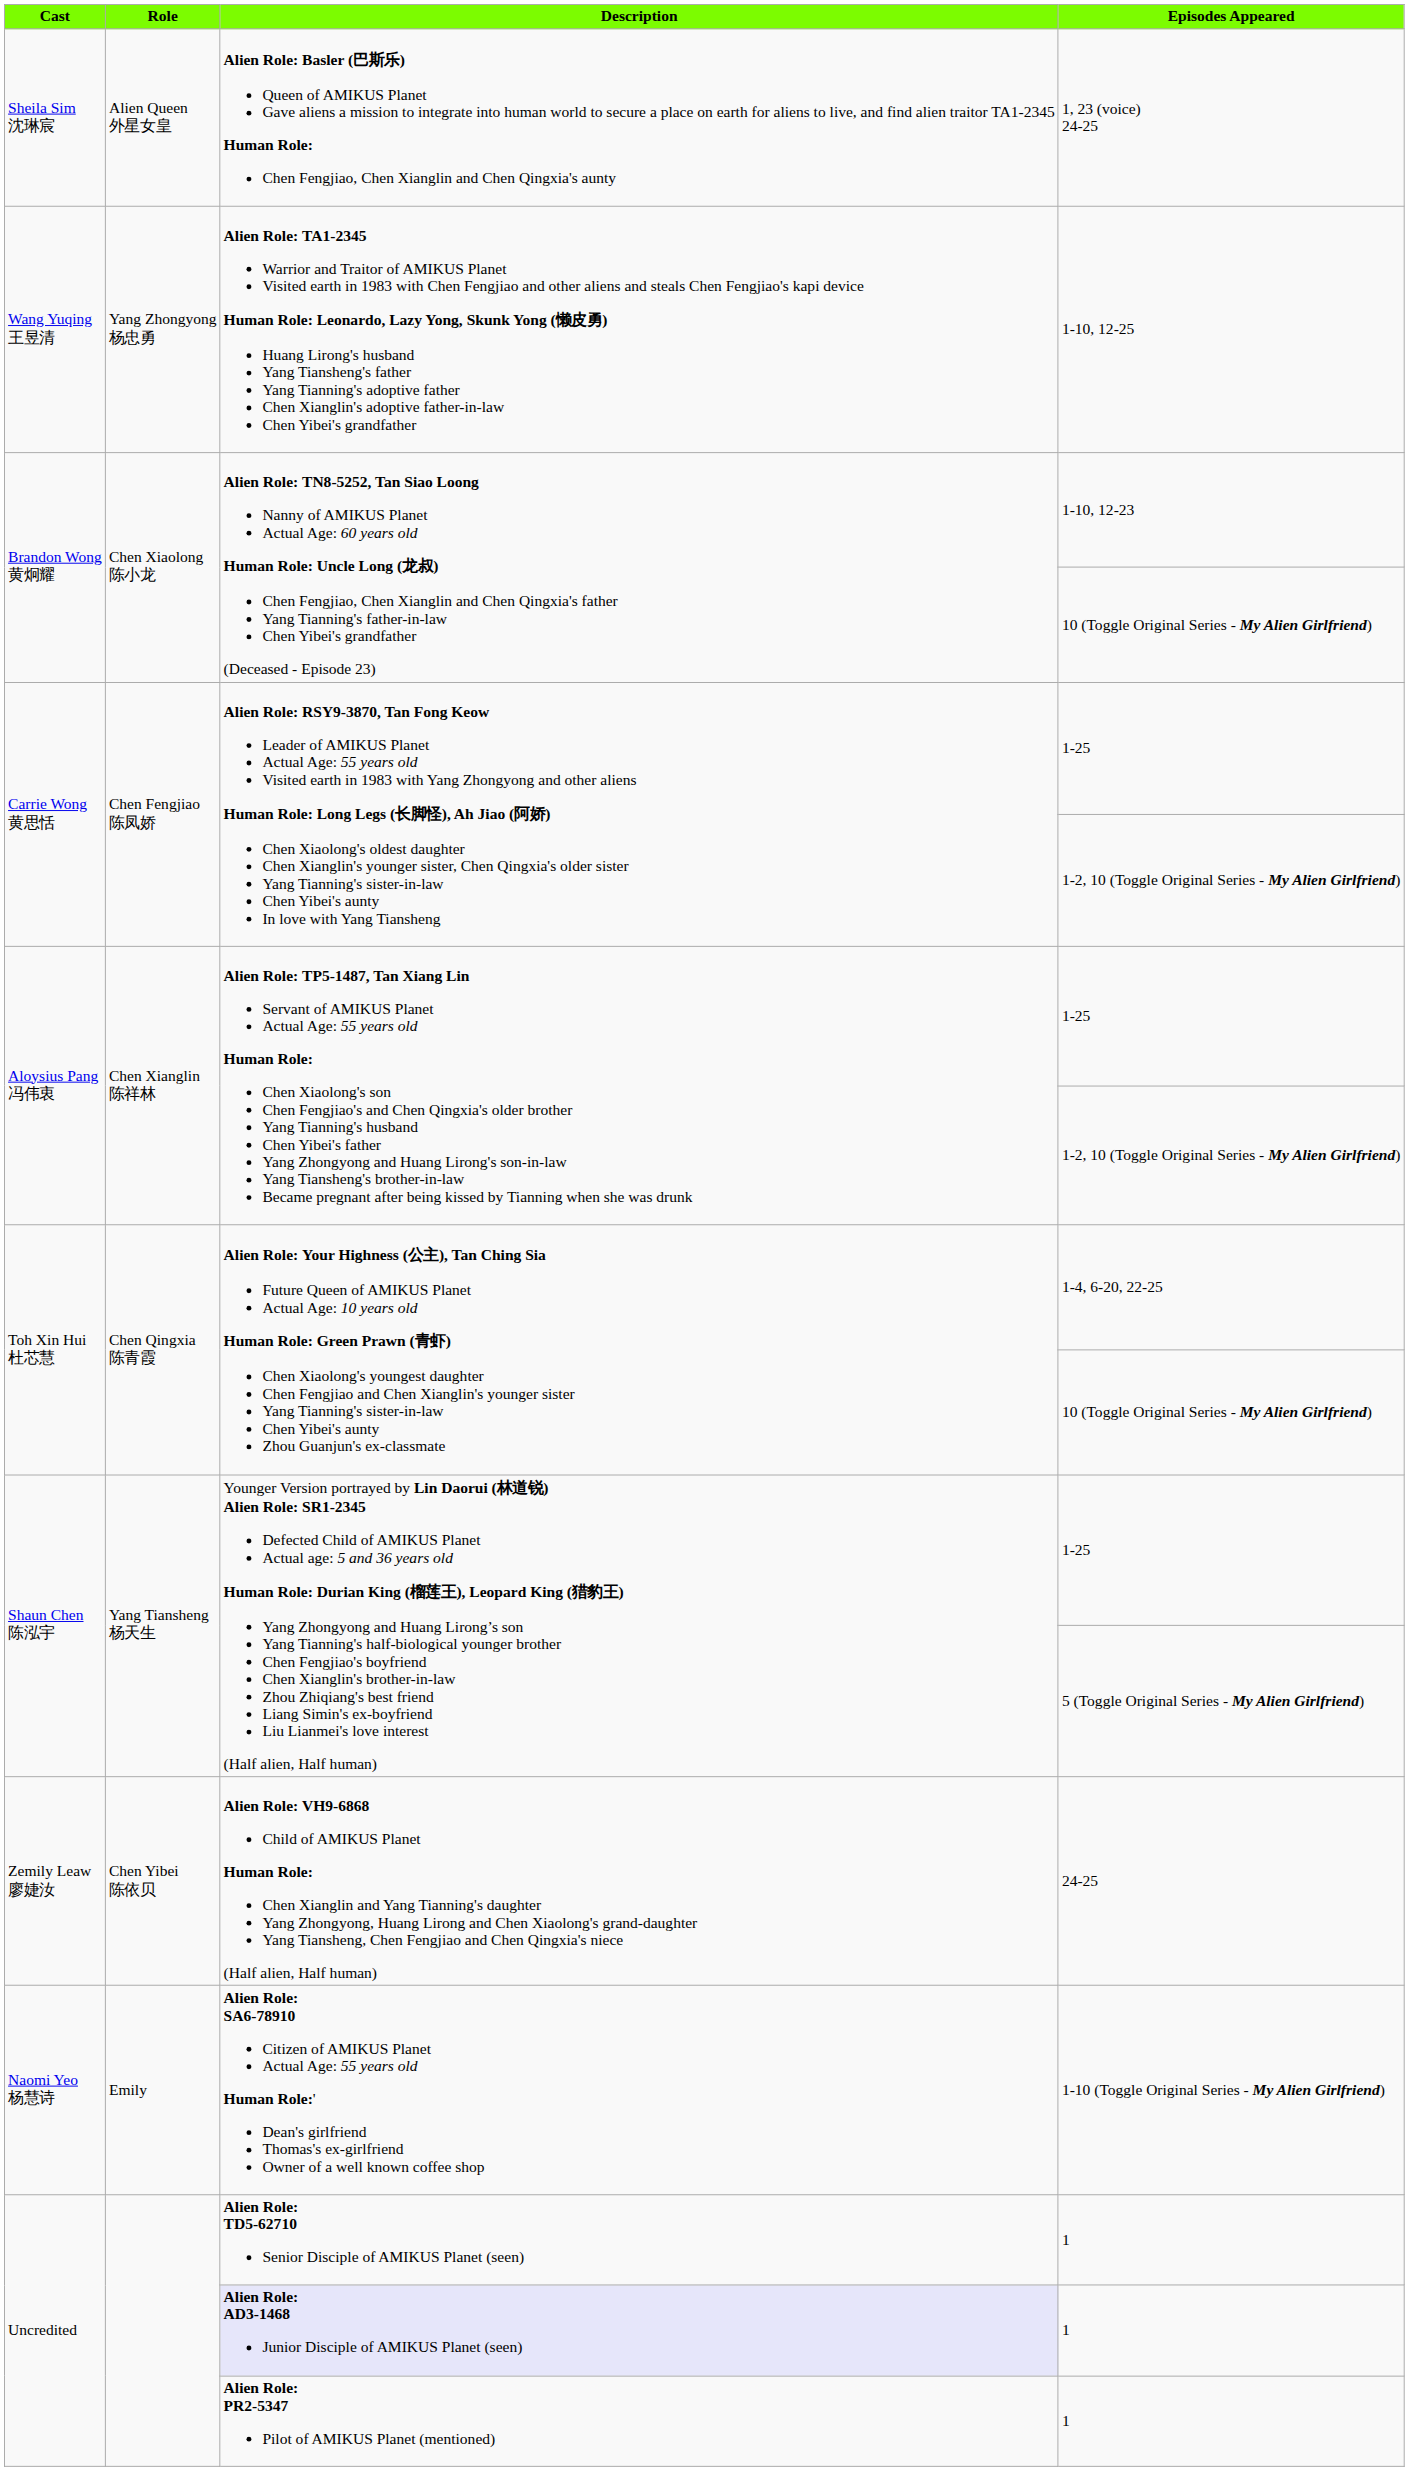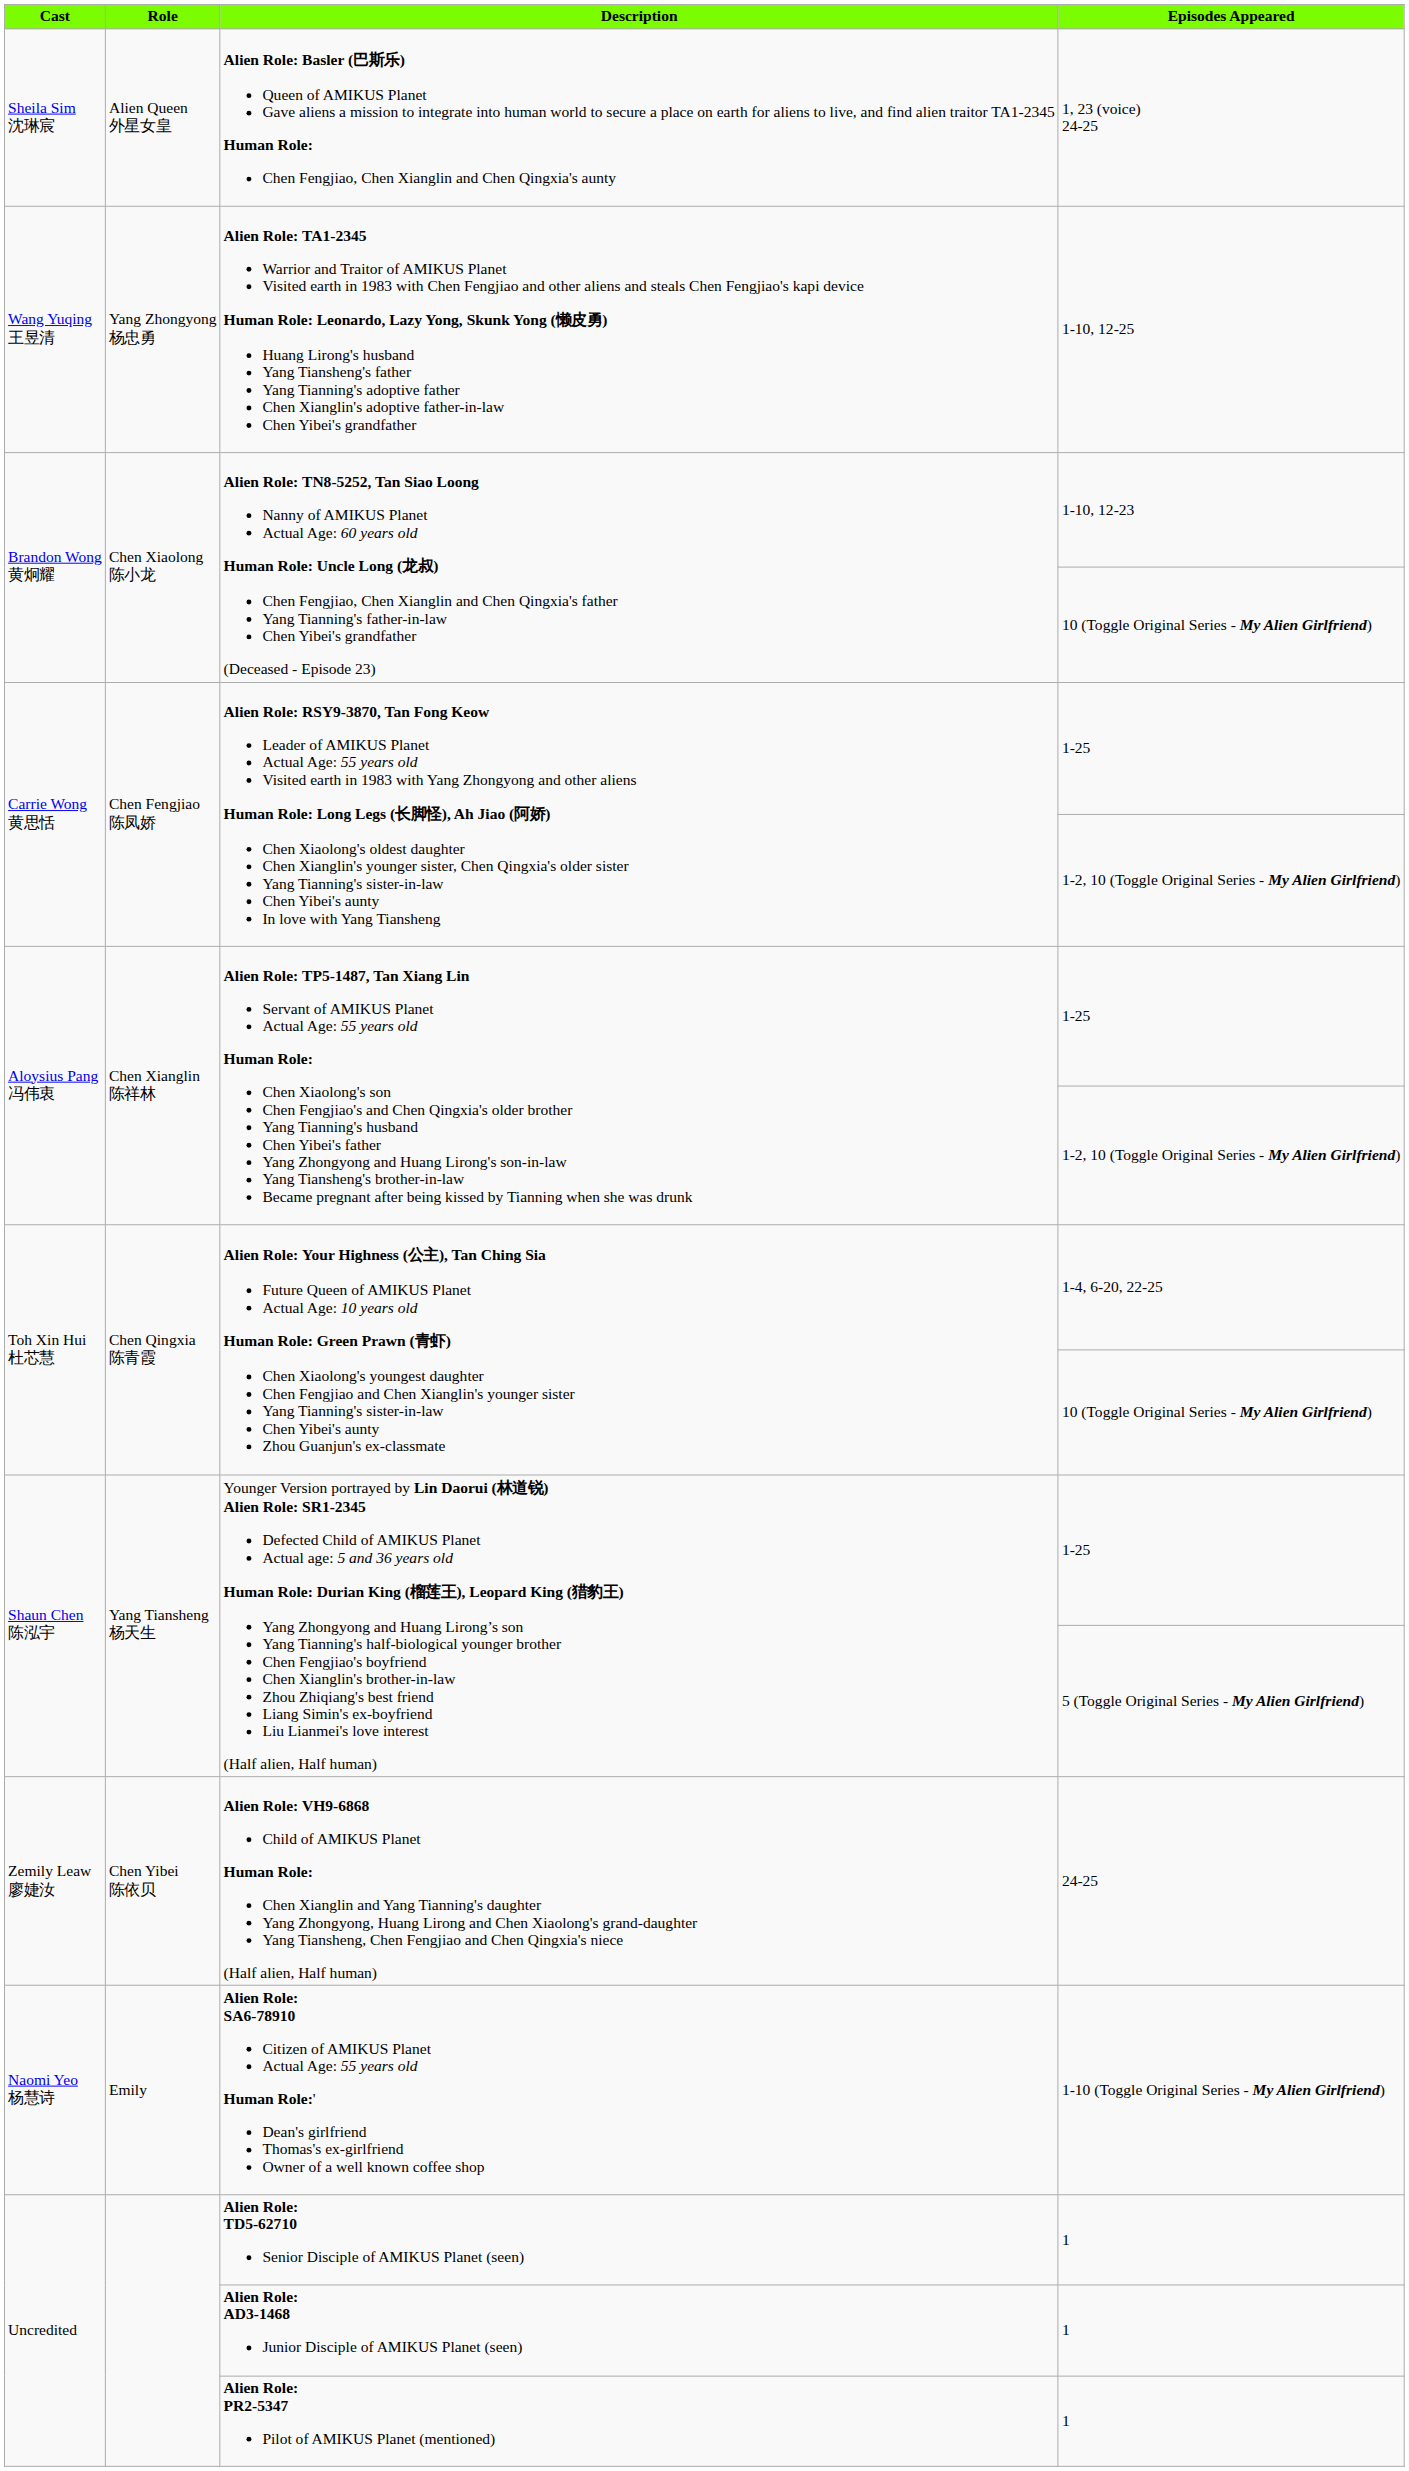 <table class="wikitable">
 <tr>
 <th style="background:LawnGreen; color:black">Cast</th>
 <th style="background:LawnGreen; color:black">Role</th>
 <th style="background:LawnGreen; color:black">Description</th>
 <th style="background:LawnGreen; color:black">Episodes Appeared</th>
 </tr>
 <tr>
 <td><a href='#'>Sheila Sim</a> <br> 沈琳宸</td>
 <td>Alien Queen <br> 外星女皇</td>
 <td><br><strong>Alien Role:</strong> <strong>Basler (巴斯乐)</strong><ul><li>Queen of AMIKUS Planet</li><li>Gave aliens a mission to integrate into human world to secure a place on earth for aliens to live, and find alien traitor TA1-2345</li></ul><strong>Human Role:</strong><ul><li>Chen Fengjiao, Chen Xianglin and Chen Qingxia's aunty</li></ul></td>
 <td>1, 23 (voice) <br> 24-25</td>
 </tr>
 <tr>
 <td><a href='#'>Wang Yuqing</a> <br> 王昱清</td>
 <td>Yang Zhongyong <br> 杨忠勇</td>
 <td><br><strong>Alien Role:</strong> <strong>TA1-2345</strong><ul><li>Warrior and Traitor of AMIKUS Planet</li><li>Visited earth in 1983 with Chen Fengjiao and other aliens and steals Chen Fengjiao's kapi device</li></ul><strong>Human Role:</strong> <strong>Leonardo, Lazy Yong, Skunk Yong (懒皮勇)</strong><ul><li>Huang Lirong's husband</li><li>Yang Tiansheng's father</li><li>Yang Tianning's adoptive father</li><li>Chen Xianglin's adoptive father-in-law</li><li>Chen Yibei's grandfather</li></ul></td>
 <td>1-10, 12-25</td>
 </tr>
 <tr>
 <td rowspan="2"><a href='#'>Brandon Wong</a> <br> 黄炯耀</td>
 <td rowspan="2">Chen Xiaolong <br> 陈小龙</td>
 <td rowspan="2"><br><strong>Alien Role:</strong> <strong>TN8-5252, Tan Siao Loong</strong><ul><li>Nanny of AMIKUS Planet</li><li>Actual Age: <em>60 years old</em></li></ul><strong>Human Role:</strong> <strong>Uncle Long (龙叔)</strong><ul><li>Chen Fengjiao, Chen Xianglin and Chen Qingxia's father</li><li>Yang Tianning's father-in-law</li><li>Chen Yibei's grandfather</li></ul>(Deceased - Episode 23)</td>
 <td>1-10, 12-23</td>
 </tr>
 <tr>
 <td>10 (Toggle Original Series - <strong><em>My Alien Girlfriend</em></strong>)</td>
 </tr>
 <tr>
 <td rowspan="2"><a href='#'>Carrie Wong</a> <br> 黄思恬</td>
 <td rowspan="2">Chen Fengjiao <br> 陈凤娇</td>
 <td rowspan="2"><br><strong>Alien Role:</strong> <strong>RSY9-3870, Tan Fong Keow</strong><ul><li>Leader of AMIKUS Planet</li><li>Actual Age: <em>55 years old</em></li><li>Visited earth in 1983 with Yang Zhongyong and other aliens</li></ul><strong>Human Role:</strong> <strong>Long Legs (长脚怪), Ah Jiao (阿娇)</strong><ul><li>Chen Xiaolong's oldest daughter</li><li>Chen Xianglin's younger sister, Chen Qingxia's older sister</li><li>Yang Tianning's sister-in-law</li><li>Chen Yibei's aunty</li><li>In love with Yang Tiansheng</li></ul></td>
 <td>1-25</td>
 </tr>
 <tr>
 <td>1-2, 10 (Toggle Original Series - <strong><em>My Alien Girlfriend</em></strong>)</td>
 </tr>
 <tr>
 <td rowspan="2"><a href='#'>Aloysius Pang</a> <br> 冯伟衷</td>
 <td rowspan="2">Chen Xianglin <br> 陈祥林</td>
 <td rowspan="2"><br><strong>Alien Role:</strong> <strong>TP5-1487, Tan Xiang Lin</strong><ul><li>Servant of AMIKUS Planet</li><li>Actual Age: <em>55 years old</em></li></ul><strong>Human Role:</strong><ul><li>Chen Xiaolong's son</li><li>Chen Fengjiao's and Chen Qingxia's older brother</li><li>Yang Tianning's husband</li><li>Chen Yibei's father</li><li>Yang Zhongyong and Huang Lirong's son-in-law</li><li>Yang Tiansheng's brother-in-law</li><li>Became pregnant after being kissed by Tianning when she was drunk</li></ul></td>
 <td>1-25</td>
 </tr>
 <tr>
 <td>1-2, 10  (Toggle Original Series - <strong><em>My Alien Girlfriend</em></strong>)</td>
 </tr>
 <tr>
 <td rowspan="2">Toh Xin Hui <br> 杜芯慧</td>
 <td rowspan="2">Chen Qingxia <br> 陈青霞</td>
 <td rowspan="2"><br><strong>Alien Role:</strong> <strong>Your Highness (公主), Tan Ching Sia</strong><ul><li>Future Queen of AMIKUS Planet</li><li>Actual Age: <em>10 years old</em></li></ul><strong>Human Role:</strong> <strong>Green Prawn (青虾)</strong><ul><li>Chen Xiaolong's youngest daughter</li><li>Chen Fengjiao and Chen Xianglin's younger sister</li><li>Yang Tianning's sister-in-law</li><li>Chen Yibei's aunty</li><li>Zhou Guanjun's ex-classmate</li></ul></td>
 <td>1-4, 6-20, 22-25</td>
 </tr>
 <tr>
 <td>10  (Toggle Original Series - <strong><em>My Alien Girlfriend</em></strong>)</td>
 </tr>
 <tr>
 <td rowspan="2"><a href='#'>Shaun Chen</a> <br> 陈泓宇</td>
 <td rowspan="2">Yang Tiansheng <br> 杨天生</td>
 <td rowspan="2">Younger Version portrayed by <strong>Lin Daorui (林道锐)</strong><br><strong>Alien Role:</strong> <strong>SR1-2345</strong><ul><li>Defected Child of AMIKUS Planet</li><li>Actual age: <em>5 and 36 years old</em></li></ul><strong>Human Role:</strong> <strong>Durian King (榴莲王), Leopard King (猎豹王)</strong><ul><li>Yang Zhongyong and Huang Lirong’s son</li><li>Yang Tianning's half-biological younger brother</li><li>Chen Fengjiao's boyfriend</li><li>Chen Xianglin's brother-in-law</li><li>Zhou Zhiqiang's best friend</li><li>Liang Simin's ex-boyfriend</li><li>Liu Lianmei's love interest</li></ul>(Half alien, Half human)</td>
 <td>1-25</td>
 </tr>
 <tr>
 <td>5 (Toggle Original Series - <strong><em>My Alien Girlfriend</em></strong>)</td>
 </tr>
 <tr>
 <td>Zemily Leaw <br> 廖婕汝</td>
 <td>Chen Yibei <br> 陈依贝</td>
 <td><br><strong>Alien Role:</strong> <strong>VH9-6868</strong><ul><li>Child of AMIKUS Planet</li></ul><strong>Human Role:</strong><ul><li>Chen Xianglin and Yang Tianning's daughter</li><li>Yang Zhongyong, Huang Lirong and Chen Xiaolong's grand-daughter</li><li>Yang Tiansheng, Chen Fengjiao and Chen Qingxia's niece</li></ul>(Half alien, Half human)</td>
 <td>24-25</td>
 </tr>
 <tr>
 <td><a href='#'>Naomi Yeo</a> <br> 杨慧诗</td>
 <td>Emily</td>
 <td><strong>Alien Role:</strong> <br> <strong>SA6-78910</strong><br><ul><li>Citizen of AMIKUS Planet</li><li>Actual Age: <em>55 years old</em></li></ul><strong>Human Role:</strong>'<ul><li>Dean's girlfriend</li><li>Thomas's ex-girlfriend</li><li>Owner of a well known coffee shop</li></ul></td>
 <td>1-10 (Toggle Original Series - <strong><em>My Alien Girlfriend</em></strong>)</td>
 </tr>
 <tr>
 <td rowspan="3">Uncredited</td>
 <td rowspan="3"></td>
 <td><strong>Alien Role:</strong> <br> <strong>TD5-62710</strong><br><ul><li>Senior Disciple of AMIKUS Planet (seen)</li></ul></td>
 <td>1</td>
 </tr>
 <tr>
-<td style="background: lavender;"><strong>Alien Role:</strong> <br> <strong>AD3-1468</strong><br><ul><li>Junior Disciple of AMIKUS Planet (seen)</li></ul></td>
+<td><strong>Alien Role:</strong> <br> <strong>AD3-1468</strong><br><ul><li>Junior Disciple of AMIKUS Planet (seen)</li></ul></td>
 <td>1</td>
 </tr>
 <tr>
 <td><strong>Alien Role:</strong> <br> <strong>PR2-5347</strong><br><ul><li>Pilot of AMIKUS Planet (mentioned)</li></ul></td>
 <td>1</td>
 </tr>
 </table>
